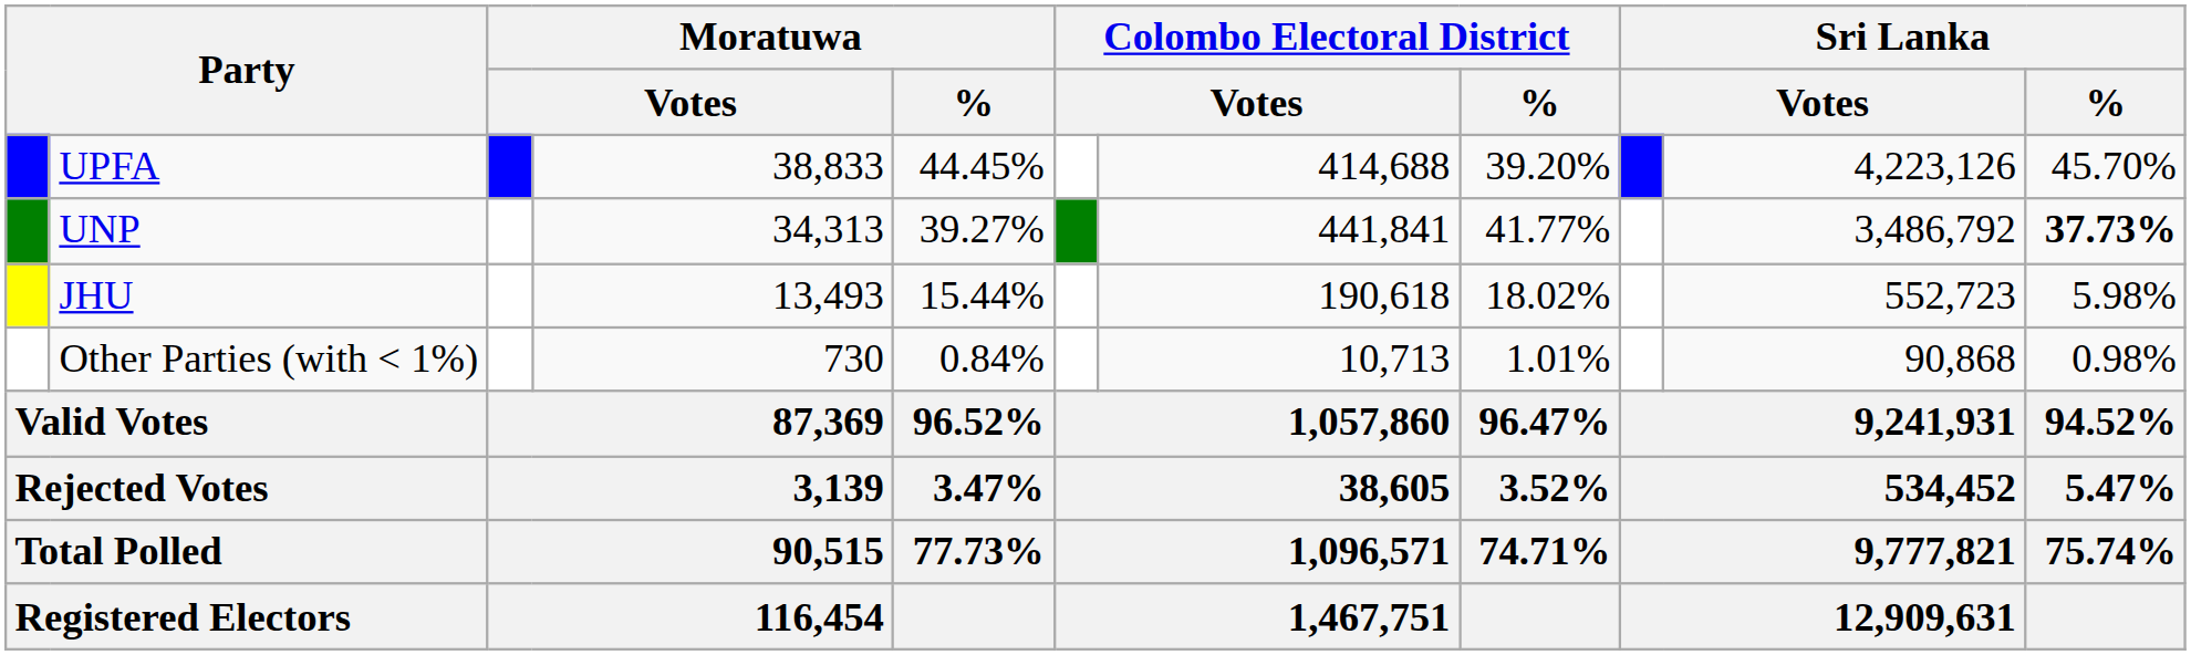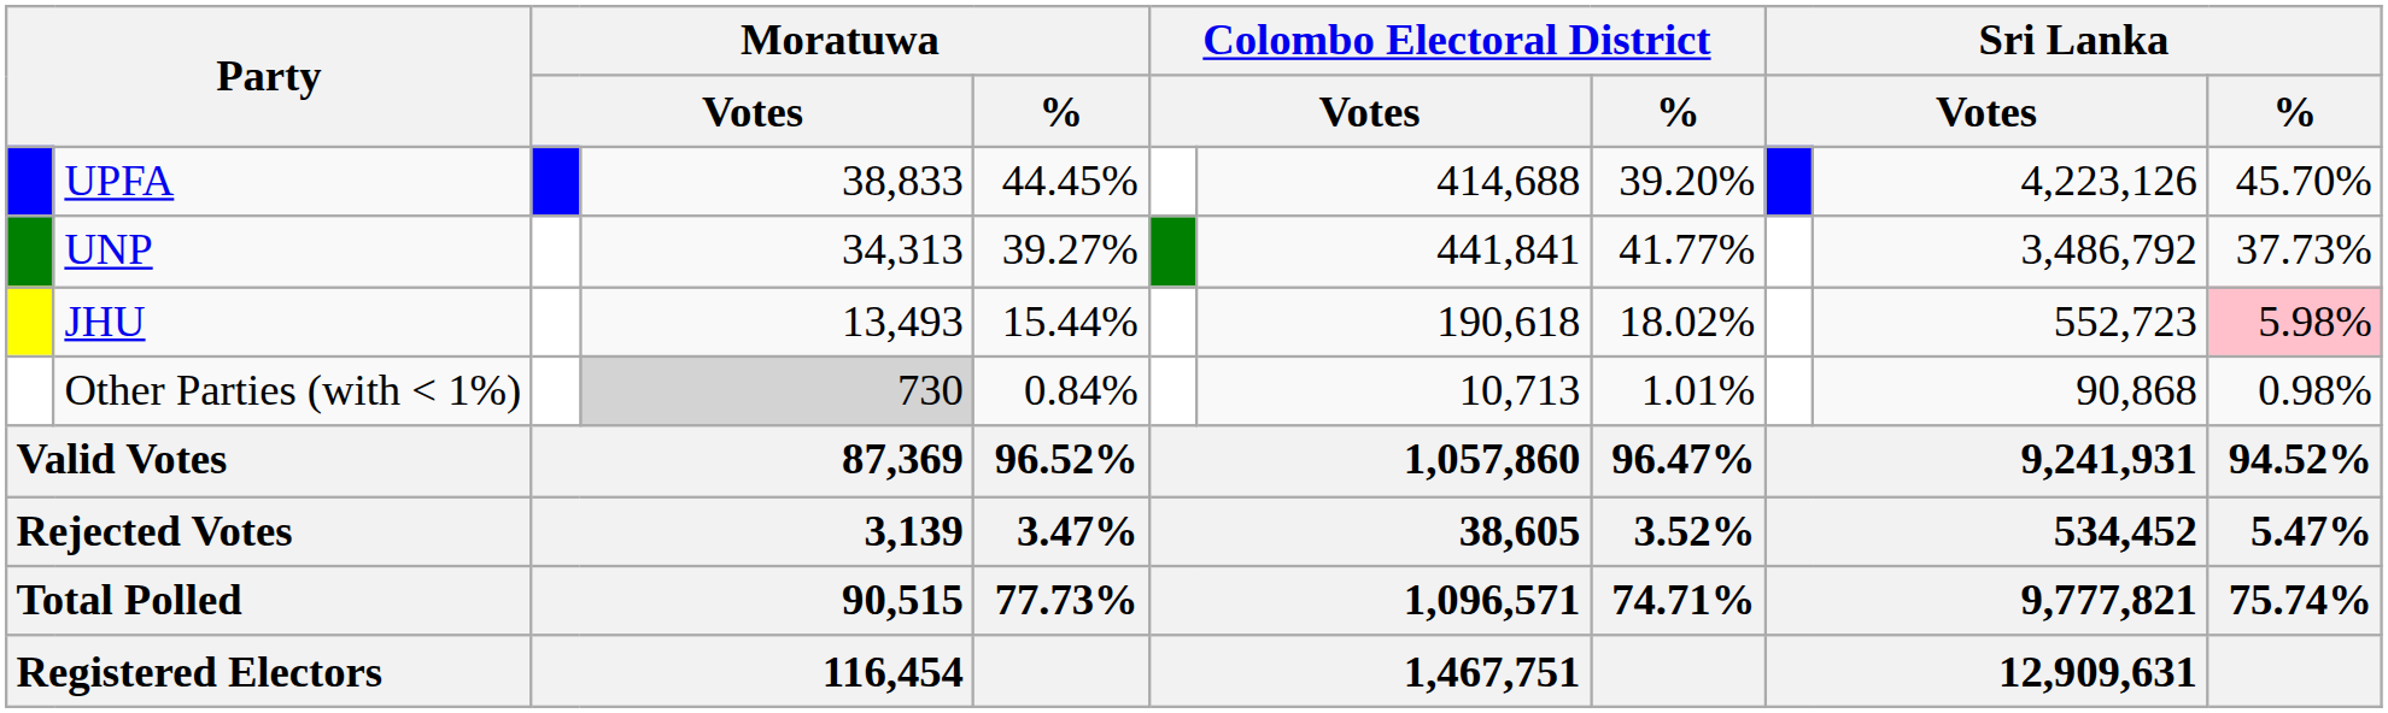 <table class="wikitable">
 <tr>
 <th colspan="2" width="144px"rowspan="2">Party</th>
 <th colspan="3" width="216px">Moratuwa</th>
 <th colspan="3" width="216px"><a href='#'>Colombo Electoral District</a></th>
 <th colspan="3" width="216px">Sri Lanka</th>
 </tr>
 <tr>
 <th colspan="2" width="144px">Votes</th>
 <th>%</th>
 <th colspan="2" width="144px">Votes</th>
 <th>%</th>
 <th colspan="2" width="144px">Votes</th>
 <th>%</th>
 </tr>
 <tr>
 <td style="background-color:blue;" width="10px"></td>
 <td style="text-align:left;"><a href='#'>UPFA</a></td>
 <td style="background-color:blue;" width="10px"></td>
 <td style="text-align:right;">38,833</td>
 <td style="text-align:right;">44.45%</td>
 <td style="background-color:white;" width="10px"></td>
 <td style="text-align:right;">414,688</td>
 <td style="text-align:right;">39.20%</td>
 <td style="background-color:blue;" width="10px"></td>
 <td style="text-align:right;">4,223,126</td>
 <td style="text-align:right;">45.70%</td>
 </tr>
 <tr>
 <td style="background-color:green;" width="10px"></td>
 <td style="text-align:left;"><a href='#'>UNP</a></td>
 <td style="background-color:white;" width="10px"></td>
 <td style="text-align:right;">34,313</td>
 <td style="text-align:right;">39.27%</td>
 <td style="background-color:green;" width="10px"></td>
 <td style="text-align:right;">441,841</td>
 <td style="text-align:right;">41.77%</td>
 <td style="background-color:white;" width="10px"></td>
 <td style="text-align:right;">3,486,792</td>
-<td style="text-align:right;"><strong>37.73%</strong></td>
+<td style="text-align:right;">37.73%</td>
 </tr>
 <tr>
 <td style="background-color:yellow;" width="10px"></td>
 <td style="text-align:left;"><a href='#'>JHU</a></td>
 <td style="background-color:white;" width="10px"></td>
 <td style="text-align:right;">13,493</td>
 <td style="text-align:right;">15.44%</td>
 <td style="background-color:white;" width="10px"></td>
 <td style="text-align:right;">190,618</td>
 <td style="text-align:right;">18.02%</td>
 <td style="background-color:white;" width="10px"></td>
 <td style="text-align:right;">552,723</td>
-<td style="text-align:right;">5.98%</td>
+<td style="background: pink; text-align:right;">5.98%</td>
 </tr>
 <tr>
 <td style="background-color:white;" width="10px"></td>
 <td style="text-align:left;">Other Parties (with < 1%)</td>
 <td style="background-color:white;" width="10px"></td>
-<td style="text-align:right;">730</td>
+<td style="background: lightgrey; text-align:right;">730</td>
 <td style="text-align:right;">0.84%</td>
 <td style="background-color:white;" width="10px"></td>
 <td style="text-align:right;">10,713</td>
 <td style="text-align:right;">1.01%</td>
 <td style="background-color:white;" width="10px"></td>
 <td style="text-align:right;">90,868</td>
 <td style="text-align:right;">0.98%</td>
 </tr>
 <tr>
 <th colspan="2" width="144px"style="text-align:left;">Valid Votes</th>
 <th style="text-align:right;"colspan="2" width="144px">87,369</th>
 <th style="text-align:right;">96.52%</th>
 <th style="text-align:right;"colspan="2" width="144px">1,057,860</th>
 <th style="text-align:right;">96.47%</th>
 <th style="text-align:right;"colspan="2" width="144px">9,241,931</th>
 <th style="text-align:right;">94.52%</th>
 </tr>
 <tr>
 <th colspan="2" width="144px"style="text-align:left;">Rejected Votes</th>
 <th style="text-align:right;"colspan="2" width="144px">3,139</th>
 <th style="text-align:right;">3.47%</th>
 <th style="text-align:right;"colspan="2" width="144px">38,605</th>
 <th style="text-align:right;">3.52%</th>
 <th style="text-align:right;"colspan="2" width="144px">534,452</th>
 <th style="text-align:right;">5.47%</th>
 </tr>
 <tr>
 <th colspan="2" width="144px"style="text-align:left;">Total Polled</th>
 <th style="text-align:right;"colspan="2" width="144px">90,515</th>
 <th style="text-align:right;">77.73%</th>
 <th style="text-align:right;"colspan="2" width="144px">1,096,571</th>
 <th style="text-align:right;">74.71%</th>
 <th style="text-align:right;"colspan="2" width="144px">9,777,821</th>
 <th style="text-align:right;">75.74%</th>
 </tr>
 <tr>
 <th colspan="2" width="144px"style="text-align:left;">Registered Electors</th>
 <th style="text-align:right;"colspan="2" width="144px">116,454</th>
 <th></th>
 <th style="text-align:right;"colspan="2" width="144px">1,467,751</th>
 <th></th>
 <th style="text-align:right;"colspan="2" width="144px">12,909,631</th>
 <th></th>
 </tr>
 </table>
